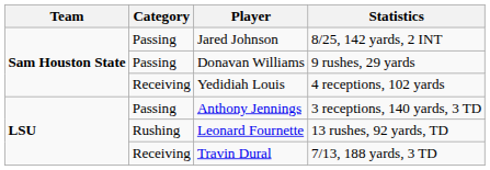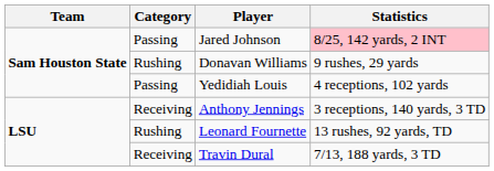 <table class="wikitable" style="float: left;">
 <tr>
 <th>Team</th>
 <th>Category</th>
 <th>Player</th>
 <th>Statistics</th>
 </tr>
 <tr>
 <td rowspan=3><strong>Sam Houston State</strong></td>
 <td>Passing</td>
 <td>Jared Johnson</td>
-<td>8/25, 142 yards, 2 INT</td>
+<td style="background: pink;">8/25, 142 yards, 2 INT</td>
 </tr>
 <tr>
-<td>Passing</td>
+<td>Rushing</td>
 <td>Donavan Williams</td>
 <td>9 rushes, 29 yards</td>
 </tr>
 <tr>
-<td>Receiving</td>
+<td>Passing</td>
 <td>Yedidiah Louis</td>
 <td>4 receptions, 102 yards</td>
 </tr>
 <tr>
 <td rowspan=3><strong>LSU</strong></td>
-<td>Passing</td>
+<td>Receiving</td>
 <td><a href='#'>Anthony Jennings</a></td>
 <td>3 receptions, 140 yards, 3 TD</td>
 </tr>
 <tr>
 <td>Rushing</td>
 <td><a href='#'>Leonard Fournette</a></td>
 <td>13 rushes, 92 yards, TD</td>
 </tr>
 <tr>
 <td>Receiving</td>
 <td><a href='#'>Travin Dural</a></td>
 <td>7/13, 188 yards, 3 TD</td>
 </tr>
 </table>
